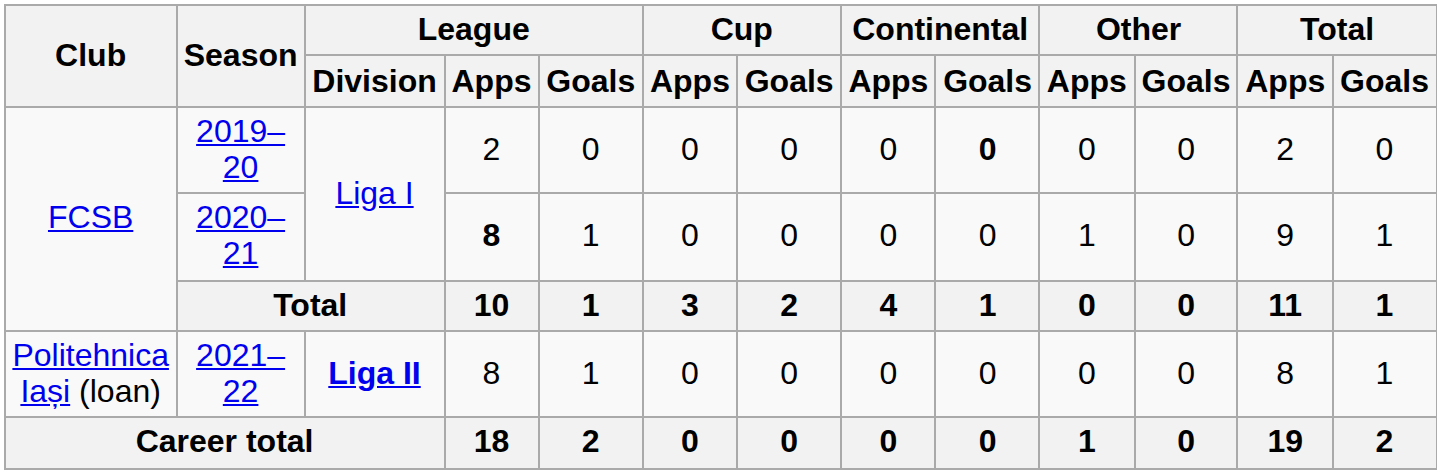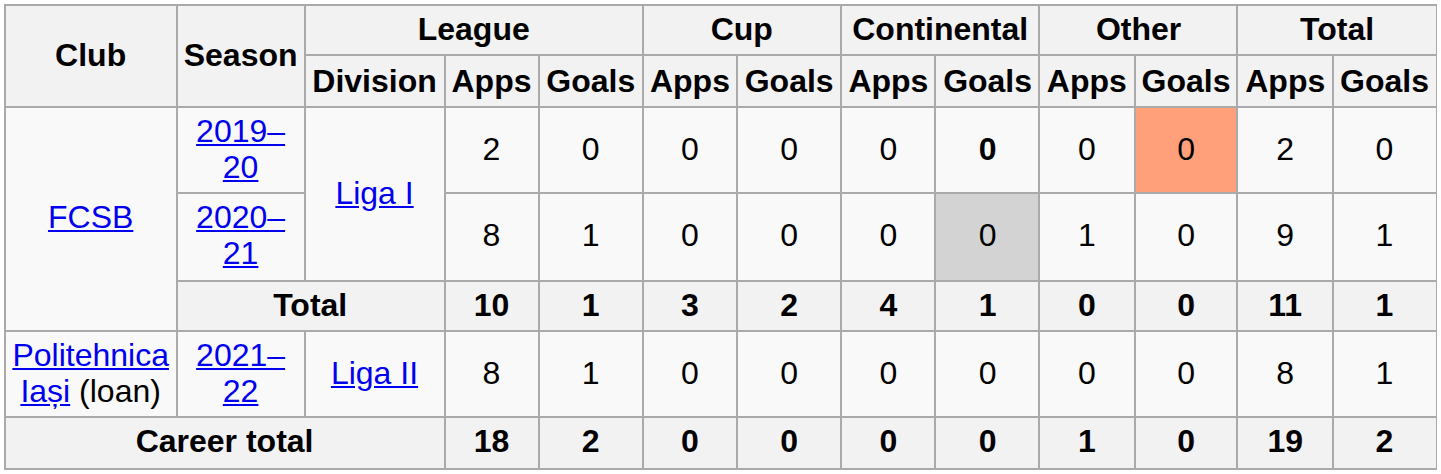 <table class="wikitable" style="text-align: center">
 <tr>
 <th rowspan="2">Club</th>
 <th rowspan="2">Season</th>
 <th colspan="3">League</th>
 <th colspan="2">Cup</th>
 <th colspan="2">Continental</th>
 <th colspan="2">Other</th>
 <th colspan="2">Total</th>
 </tr>
 <tr>
 <th>Division</th>
 <th>Apps</th>
 <th>Goals</th>
 <th>Apps</th>
 <th>Goals</th>
 <th>Apps</th>
 <th>Goals</th>
 <th>Apps</th>
 <th>Goals</th>
 <th>Apps</th>
 <th>Goals</th>
 </tr>
 <tr>
 <td rowspan="3"><a href='#'>FCSB</a></td>
 <td><a href='#'>2019–20</a></td>
 <td rowspan="2"><a href='#'>Liga I</a></td>
 <td>2</td>
 <td>0</td>
 <td>0</td>
 <td>0</td>
 <td>0</td>
 <td><strong>0</strong></td>
 <td>0</td>
-<td>0</td>
+<td style="background: lightsalmon;">0</td>
 <td>2</td>
 <td>0</td>
 </tr>
 <tr>
 <td><a href='#'>2020–21</a></td>
-<td><strong>8</strong></td>
+<td>8</td>
 <td>1</td>
 <td>0</td>
 <td>0</td>
 <td>0</td>
-<td>0</td>
+<td style="background: lightgrey;">0</td>
 <td>1</td>
 <td>0</td>
 <td>9</td>
 <td>1</td>
 </tr>
 <tr>
 <th colspan="2">Total</th>
 <th>10</th>
 <th>1</th>
 <th>3</th>
 <th>2</th>
 <th>4</th>
 <th>1</th>
 <th>0</th>
 <th>0</th>
 <th>11</th>
 <th>1</th>
 </tr>
 <tr>
 <td><a href='#'>Politehnica Iași</a> (loan)</td>
 <td><a href='#'>2021–22</a></td>
-<td><strong><a href='#'>Liga II</a></strong></td>
+<td><a href='#'>Liga II</a></td>
 <td>8</td>
 <td>1</td>
 <td>0</td>
 <td>0</td>
 <td>0</td>
 <td>0</td>
 <td>0</td>
 <td>0</td>
 <td>8</td>
 <td>1</td>
 </tr>
 <tr>
 <th colspan="3"><strong>Career total</strong></th>
 <th>18</th>
 <th>2</th>
 <th>0</th>
 <th>0</th>
 <th>0</th>
 <th>0</th>
 <th>1</th>
 <th>0</th>
 <th>19</th>
 <th>2</th>
 </tr>
 </table>
